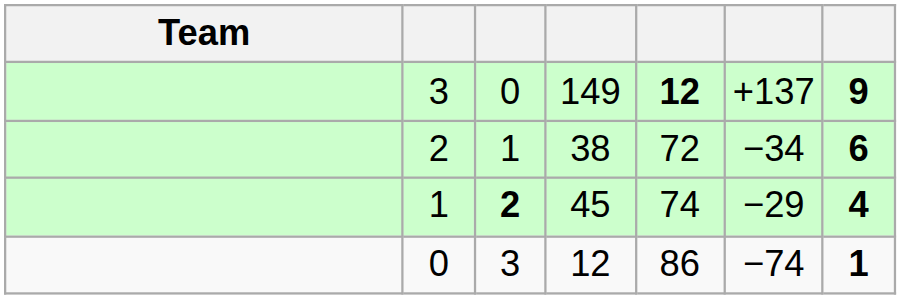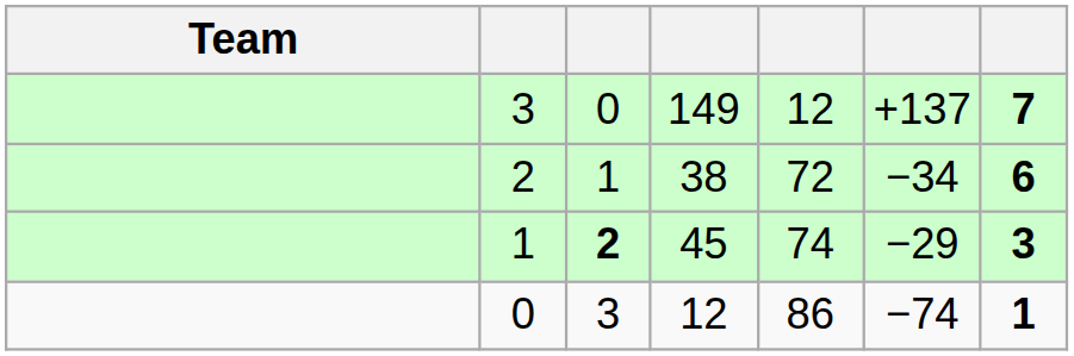 <table class="wikitable" style="text-align:center;">
 <tr>
 <th style="width:10.5em;">Team</th>
 <th style="width:1.5em;"></th>
 <th style="width:1.5em;"></th>
 <th style="width:2.0em;"></th>
 <th style="width:2.0em;"></th>
 <th style="width:2.0em;"></th>
 <th style="width:1.5em;"></th>
 </tr>
 <tr bgcolor=#cfc>
 <td align="left"></td>
 <td>3</td>
 <td>0</td>
 <td>149</td>
-<td><strong>12</strong></td>
+<td>12</td>
 <td>+137</td>
-<td><strong>9</strong></td>
+<td><strong>7</strong></td>
 </tr>
 <tr bgcolor=#cfc>
 <td align="left"></td>
 <td>2</td>
 <td>1</td>
 <td>38</td>
 <td>72</td>
 <td>−34</td>
 <td><strong>6</strong></td>
 </tr>
 <tr bgcolor=#cfc>
 <td align="left"></td>
 <td>1</td>
 <td><strong>2</strong></td>
 <td>45</td>
 <td>74</td>
 <td>−29</td>
-<td><strong>4</strong></td>
+<td><strong>3</strong></td>
 </tr>
 <tr>
 <td align="left"></td>
 <td>0</td>
 <td>3</td>
 <td>12</td>
 <td>86</td>
 <td>−74</td>
 <td><strong>1</strong></td>
 </tr>
 </table>
